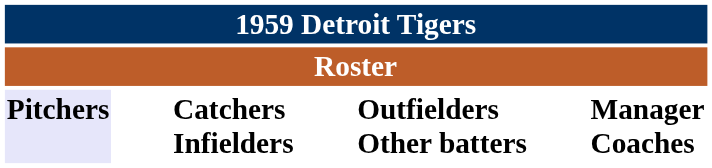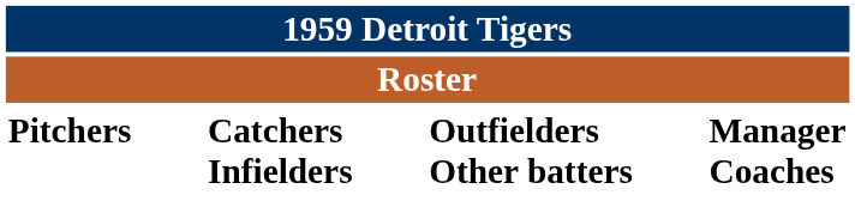 <table class="toccolours" style="font-size: 95%;">
 <tr>
 <th colspan="10" style="background-color: #003366; color: white; text-align: center;">1959 Detroit Tigers</th>
 </tr>
 <tr>
 <td colspan="10" style="background-color: #bd5d29; color: white; text-align: center;"><strong>Roster</strong></td>
 </tr>
 <tr>
-<td valign="top" style="background: lavender;"><strong>Pitchers</strong><br>                </td>
+<td valign="top"><strong>Pitchers</strong><br>                </td>
 <td width="25px"></td>
 <td valign="top"><strong>Catchers</strong><br>    <strong>Infielders</strong>         </td>
 <td width="25px"></td>
 <td valign="top"><strong>Outfielders</strong><br>      <strong>Other batters</strong> </td>
 <td width="25px"></td>
 <td valign="top"><strong>Manager</strong><br>  <strong>Coaches</strong>   </td>
 </tr>
 <tr>
 </tr>
 </table>
